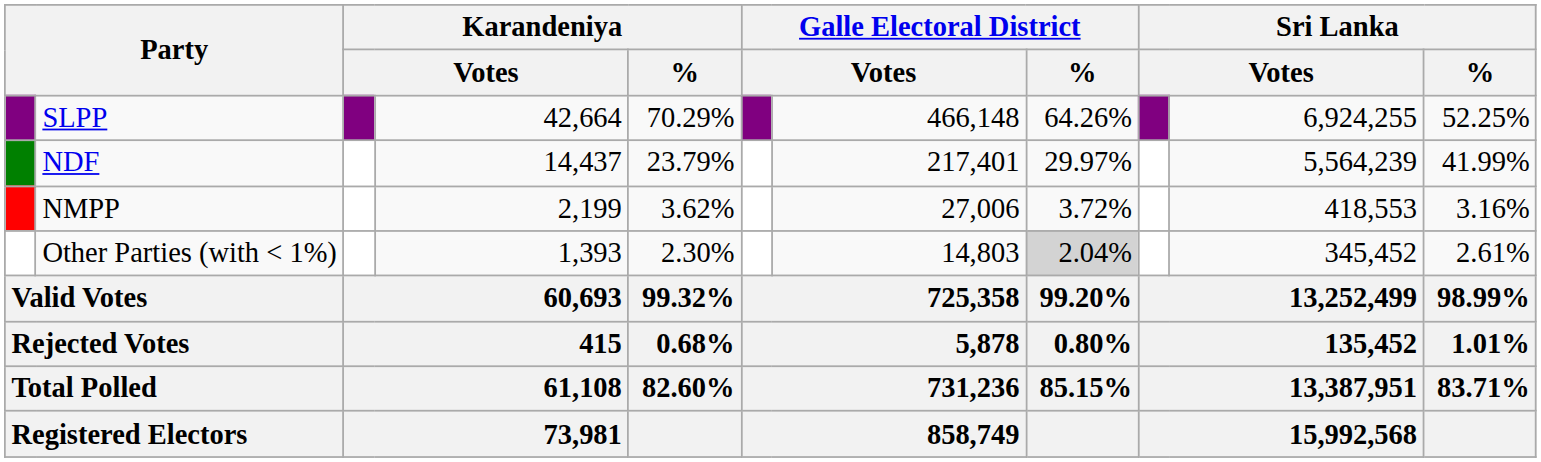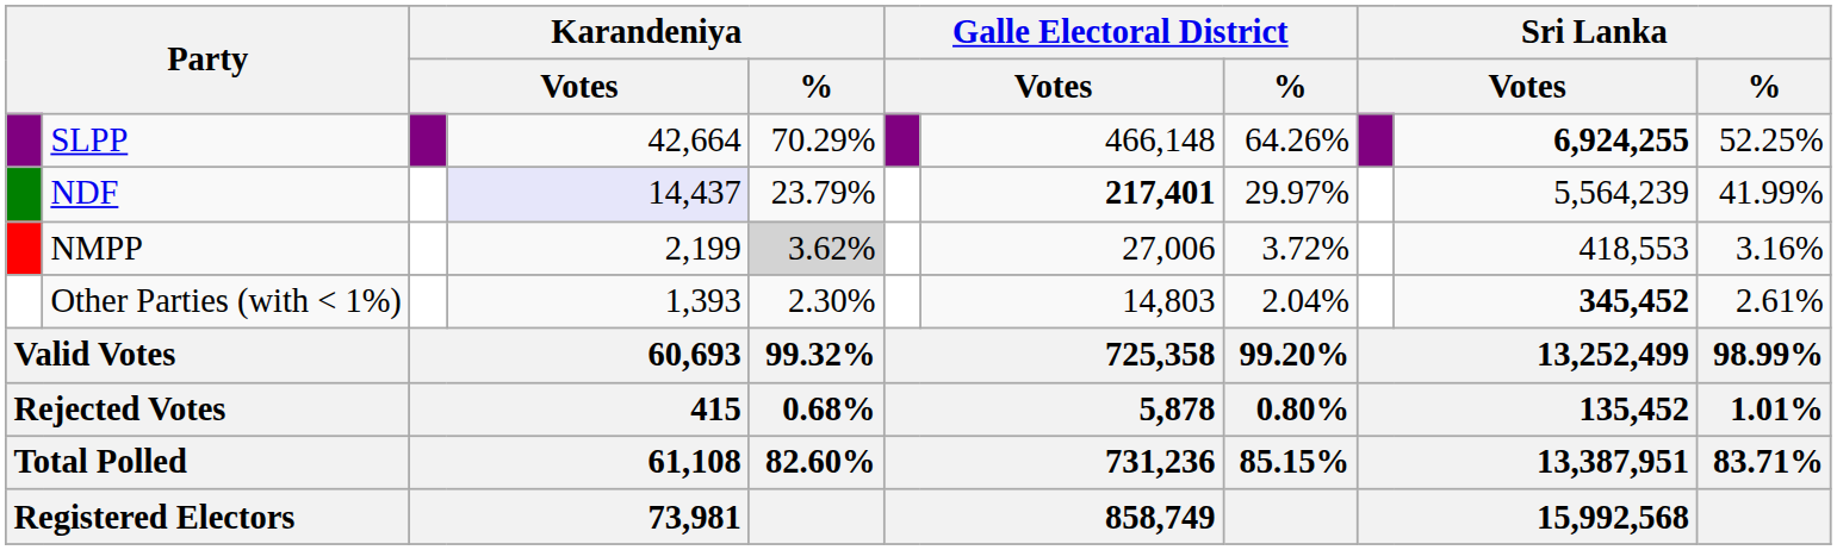 <table class="wikitable">
 <tr>
 <th colspan="2" width="144px"rowspan="2">Party</th>
 <th colspan="3" width="216px">Karandeniya</th>
 <th colspan="3" width="216px"><a href='#'>Galle Electoral District</a></th>
 <th colspan="3" width="216px">Sri Lanka</th>
 </tr>
 <tr>
 <th colspan="2" width="144px">Votes</th>
 <th>%</th>
 <th colspan="2" width="144px">Votes</th>
 <th>%</th>
 <th colspan="2" width="144px">Votes</th>
 <th>%</th>
 </tr>
 <tr>
 <td style="background-color:purple;" width="10px"></td>
 <td style="text-align:left;"><a href='#'>SLPP</a></td>
 <td style="background-color:purple;" width="10px"></td>
 <td style="text-align:right;">42,664</td>
 <td style="text-align:right;">70.29%</td>
 <td style="background-color:purple;" width="10px"></td>
 <td style="text-align:right;">466,148</td>
 <td style="text-align:right;">64.26%</td>
 <td style="background-color:purple;" width="10px"></td>
-<td style="text-align:right;">6,924,255</td>
+<td style="text-align:right;"><strong>6,924,255</strong></td>
 <td style="text-align:right;">52.25%</td>
 </tr>
 <tr>
 <td style="background-color:green;" width="10px"></td>
 <td style="text-align:left;"><a href='#'>NDF</a></td>
 <td style="background-color:white;" width="10px"></td>
-<td style="text-align:right;">14,437</td>
+<td style="background: lavender; text-align:right;">14,437</td>
 <td style="text-align:right;">23.79%</td>
 <td style="background-color:white;" width="10px"></td>
-<td style="text-align:right;">217,401</td>
+<td style="text-align:right;"><strong>217,401</strong></td>
 <td style="text-align:right;">29.97%</td>
 <td style="background-color:white;" width="10px"></td>
 <td style="text-align:right;">5,564,239</td>
 <td style="text-align:right;">41.99%</td>
 </tr>
 <tr>
 <td style="background-color:red;" width="10px"></td>
 <td style="text-align:left;">NMPP</td>
 <td style="background-color:white;" width="10px"></td>
 <td style="text-align:right;">2,199</td>
-<td style="text-align:right;">3.62%</td>
+<td style="background: lightgrey; text-align:right;">3.62%</td>
 <td style="background-color:white;" width="10px"></td>
 <td style="text-align:right;">27,006</td>
 <td style="text-align:right;">3.72%</td>
 <td style="background-color:white;" width="10px"></td>
 <td style="text-align:right;">418,553</td>
 <td style="text-align:right;">3.16%</td>
 </tr>
 <tr>
 <td style="background-color:white;" width="10px"></td>
 <td style="text-align:left;">Other Parties (with < 1%)</td>
 <td style="background-color:white;" width="10px"></td>
 <td style="text-align:right;">1,393</td>
 <td style="text-align:right;">2.30%</td>
 <td style="background-color:white;" width="10px"></td>
 <td style="text-align:right;">14,803</td>
-<td style="background: lightgrey; text-align:right;">2.04%</td>
+<td style="text-align:right;">2.04%</td>
 <td style="background-color:white;" width="10px"></td>
-<td style="text-align:right;">345,452</td>
+<td style="text-align:right;"><strong>345,452</strong></td>
 <td style="text-align:right;">2.61%</td>
 </tr>
 <tr>
 <th colspan="2" width="144px"style="text-align:left;">Valid Votes</th>
 <th style="text-align:right;"colspan="2" width="144px">60,693</th>
 <th style="text-align:right;">99.32%</th>
 <th style="text-align:right;"colspan="2" width="144px">725,358</th>
 <th style="text-align:right;">99.20%</th>
 <th style="text-align:right;"colspan="2" width="144px">13,252,499</th>
 <th style="text-align:right;">98.99%</th>
 </tr>
 <tr>
 <th colspan="2" width="144px"style="text-align:left;">Rejected Votes</th>
 <th style="text-align:right;"colspan="2" width="144px">415</th>
 <th style="text-align:right;">0.68%</th>
 <th style="text-align:right;"colspan="2" width="144px">5,878</th>
 <th style="text-align:right;">0.80%</th>
 <th style="text-align:right;"colspan="2" width="144px">135,452</th>
 <th style="text-align:right;">1.01%</th>
 </tr>
 <tr>
 <th colspan="2" width="144px"style="text-align:left;">Total Polled</th>
 <th style="text-align:right;"colspan="2" width="144px">61,108</th>
 <th style="text-align:right;">82.60%</th>
 <th style="text-align:right;"colspan="2" width="144px">731,236</th>
 <th style="text-align:right;">85.15%</th>
 <th style="text-align:right;"colspan="2" width="144px">13,387,951</th>
 <th style="text-align:right;">83.71%</th>
 </tr>
 <tr>
 <th colspan="2" width="144px"style="text-align:left;">Registered Electors</th>
 <th style="text-align:right;"colspan="2" width="144px">73,981</th>
 <th></th>
 <th style="text-align:right;"colspan="2" width="144px">858,749</th>
 <th></th>
 <th style="text-align:right;"colspan="2" width="144px">15,992,568</th>
 <th></th>
 </tr>
 </table>
